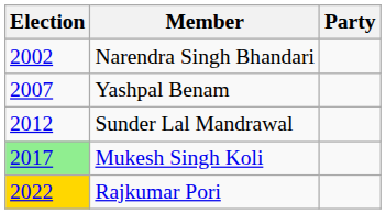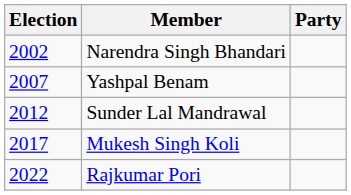 <table class="wikitable sortable">
 <tr>
 <th>Election</th>
 <th>Member</th>
 <th colspan=2>Party</th>
 </tr>
 <tr>
 <td><a href='#'>2002</a></td>
 <td>Narendra Singh Bhandari</td>
 <td></td>
 </tr>
 <tr>
 <td><a href='#'>2007</a></td>
 <td>Yashpal Benam</td>
 <td></td>
 </tr>
 <tr>
 <td><a href='#'>2012</a></td>
 <td>Sunder Lal Mandrawal</td>
 <td></td>
 </tr>
 <tr>
-<td style="background: lightgreen;"><a href='#'>2017</a></td>
+<td><a href='#'>2017</a></td>
 <td><a href='#'>Mukesh Singh Koli</a></td>
 <td></td>
 </tr>
 <tr>
-<td style="background: gold;"><a href='#'>2022</a></td>
+<td><a href='#'>2022</a></td>
 <td><a href='#'>Rajkumar Pori</a></td>
 </tr>
 </table>
